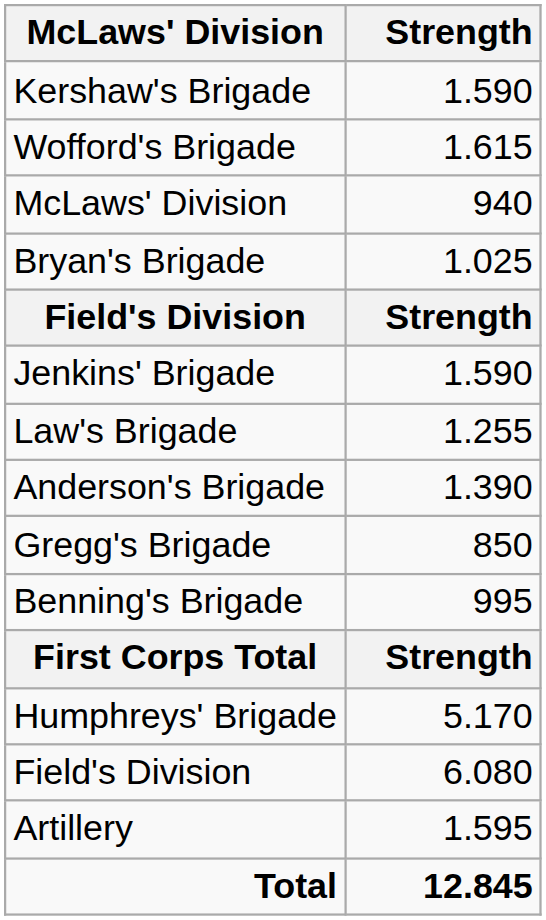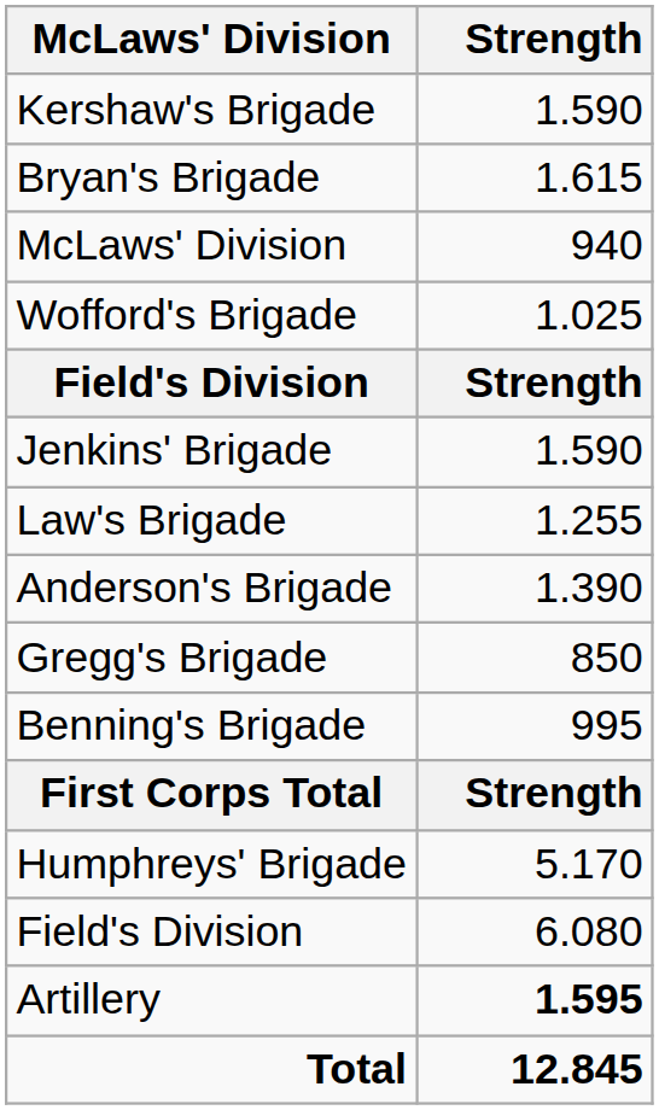 <table class="wikitable">
 <tr>
 <th>McLaws' Division</th>
 <th width=80px; style="text-align: right;">Strength</th>
 </tr>
 <tr>
 <td>Kershaw's Brigade</td>
 <td style="text-align: right;">1.590</td>
 </tr>
 <tr>
-<td>Wofford's Brigade</td>
+<td>Bryan's Brigade</td>
 <td style="text-align: right;">1.615</td>
 </tr>
 <tr>
 <td>McLaws' Division</td>
 <td style="text-align: right;">940</td>
 </tr>
 <tr>
-<td>Bryan's Brigade</td>
+<td>Wofford's Brigade</td>
 <td style="text-align: right;">1.025</td>
 </tr>
 <tr>
 <th>Field's Division</th>
 <th width=80px; style="text-align: right;">Strength</th>
 </tr>
 <tr>
 <td>Jenkins' Brigade</td>
 <td style="text-align: right;">1.590</td>
 </tr>
 <tr>
 <td>Law's Brigade</td>
 <td style="text-align: right;">1.255</td>
 </tr>
 <tr>
 <td>Anderson's Brigade</td>
 <td style="text-align: right;">1.390</td>
 </tr>
 <tr>
 <td>Gregg's Brigade</td>
 <td style="text-align: right;">850</td>
 </tr>
 <tr>
 <td>Benning's Brigade</td>
 <td style="text-align: right;">995</td>
 </tr>
 <tr>
 <th>First Corps Total</th>
 <th width=80px; style="text-align: right;">Strength</th>
 </tr>
 <tr>
 <td>Humphreys' Brigade</td>
 <td style="text-align: right;">5.170</td>
 </tr>
 <tr>
 <td>Field's Division</td>
 <td style="text-align: right;">6.080</td>
 </tr>
 <tr>
 <td>Artillery</td>
-<td style="text-align: right;">1.595</td>
+<td style="text-align: right;"><strong>1.595</strong></td>
 </tr>
 <tr>
 <td style="text-align: right; font-weight: bold;">Total</td>
 <td style="text-align: right; font-weight: bold;">12.845</td>
 </tr>
 </table>
